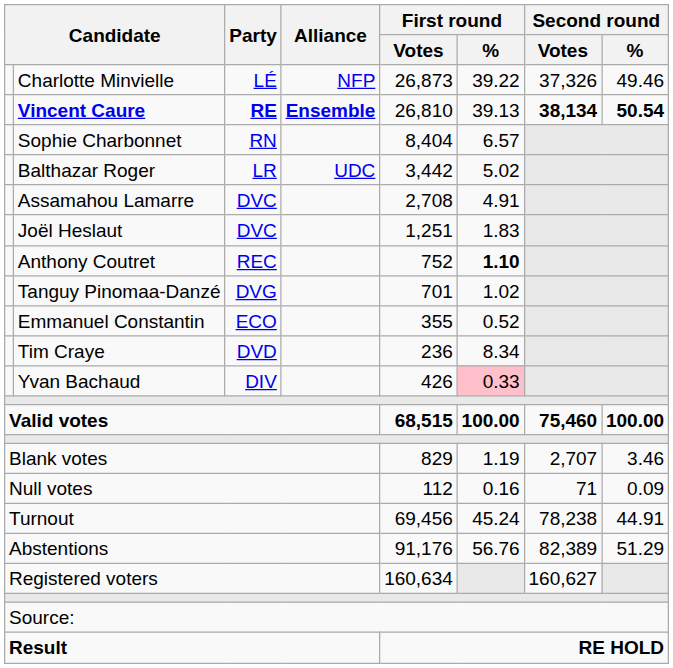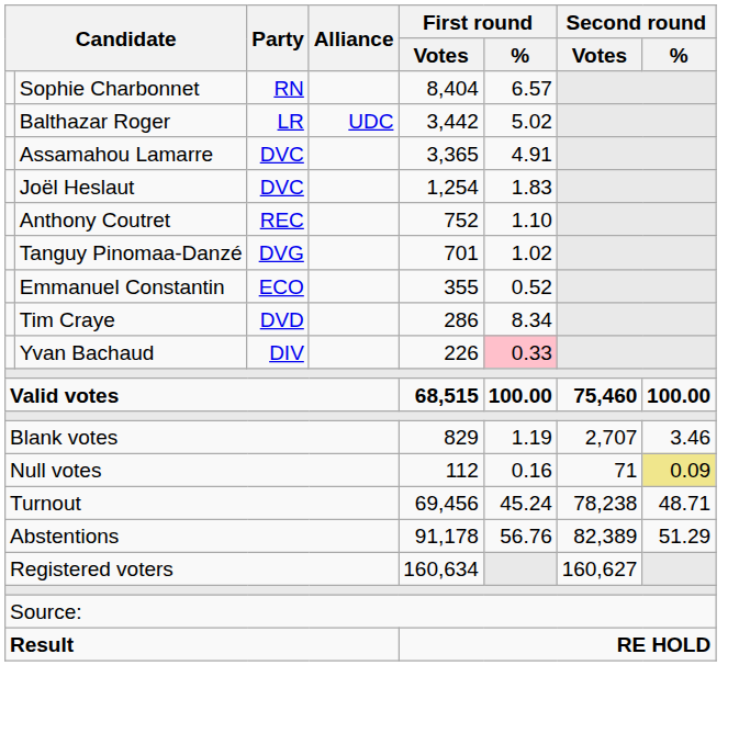 <table class="wikitable" style="text-align:right;font-size:95%;">
 <tr>
 <th colspan="2" rowspan="2">Candidate</th>
 <th colspan="1" rowspan="2">Party</th>
 <th colspan="1" rowspan="2">Alliance</th>
 <th colspan="2">First round</th>
 <th colspan="2">Second round</th>
 </tr>
 <tr>
 <th style="width:50px;">Votes</th>
 <th style="width:45px;">%</th>
 <th style="width:50px;">Votes</th>
 <th style="width:45px;">%</th>
-</tr>
-<tr>
-<td style="color:inherit;background:"></td>
-<td style="text-align:left;">Charlotte Minvielle</td>
-<td><a href='#'>LÉ</a></td>
-<td><a href='#'>NFP</a></td>
-<td>26,873</td>
-<td>39.22</td>
-<td>37,326</td>
-<td>49.46</td>
-</tr>
-<tr>
-<td style="color:inherit;background:"></td>
-<td style="text-align:left;"><strong><a href='#'>Vincent Caure</a></strong></td>
-<td><a href='#'><strong>RE</strong></a></td>
-<td><a href='#'><strong>Ensemble</strong></a></td>
-<td>26,810</td>
-<td>39.13</td>
-<td><strong>38,134</strong></td>
-<td><strong>50.54</strong></td>
 </tr>
 <tr>
 <td style="color:inherit;background:"></td>
 <td style="text-align:left;">Sophie Charbonnet</td>
 <td><a href='#'>RN</a></td>
 <td></td>
 <td>8,404</td>
 <td>6.57</td>
 <td colspan="2" rowspan="1" style="background:#E9E9E9;"></td>
 </tr>
 <tr>
 <td style="color:inherit;background:"></td>
 <td style="text-align:left;">Balthazar Roger</td>
 <td><a href='#'>LR</a></td>
 <td><a href='#'>UDC</a></td>
 <td>3,442</td>
 <td>5.02</td>
 <td colspan="2" rowspan="1" style="background:#E9E9E9;"></td>
 </tr>
 <tr>
 <td style="color:inherit;background:"></td>
 <td style="text-align:left;">Assamahou Lamarre</td>
 <td><a href='#'>DVC</a></td>
 <td></td>
-<td>2,708</td>
+<td>3,365</td>
 <td>4.91</td>
 <td colspan="2" rowspan="1" style="background:#E9E9E9;"></td>
 </tr>
 <tr>
 <td style="color:inherit;background:"></td>
 <td style="text-align:left;">Joël Heslaut</td>
 <td><a href='#'>DVC</a></td>
 <td></td>
-<td>1,251</td>
+<td>1,254</td>
 <td>1.83</td>
 <td colspan="2" rowspan="1" style="background:#E9E9E9;"></td>
 </tr>
 <tr>
 <td style="color:inherit;background:"></td>
 <td style="text-align:left;">Anthony Coutret</td>
 <td><a href='#'>REC</a></td>
 <td></td>
 <td>752</td>
-<td><strong>1.10</strong></td>
+<td>1.10</td>
 <td colspan="2" rowspan="1" style="background:#E9E9E9;"></td>
 </tr>
 <tr>
 <td style="color:inherit;background:"></td>
 <td style="text-align:left;">Tanguy Pinomaa-Danzé</td>
 <td><a href='#'>DVG</a></td>
 <td></td>
 <td>701</td>
 <td>1.02</td>
 <td colspan="2" rowspan="1" style="background:#E9E9E9;"></td>
 </tr>
 <tr>
 <td style="color:inherit;background:"></td>
 <td style="text-align:left;">Emmanuel Constantin</td>
 <td><a href='#'>ECO</a></td>
 <td></td>
 <td>355</td>
 <td>0.52</td>
 <td colspan="2" rowspan="1" style="background:#E9E9E9;"></td>
 </tr>
 <tr>
 <td style="color:inherit;background:"></td>
 <td style="text-align:left;">Tim Craye</td>
 <td><a href='#'>DVD</a></td>
 <td></td>
-<td>236</td>
+<td>286</td>
 <td>8.34</td>
 <td colspan="2" rowspan="1" style="background:#E9E9E9;"></td>
 </tr>
 <tr>
 <td style="color:inherit;background:"></td>
 <td style="text-align:left;">Yvan Bachaud</td>
 <td><a href='#'>DIV</a></td>
 <td></td>
-<td>426</td>
+<td>226</td>
 <td style="background: pink;">0.33</td>
 <td colspan="2" rowspan="1" style="background:#E9E9E9;"></td>
 </tr>
 <tr>
 <td colspan="8" style="background:#E9E9E9;"></td>
 </tr>
 <tr style="font-weight:bold;">
 <td colspan="4" style="text-align:left;">Valid votes</td>
 <td>68,515</td>
 <td>100.00</td>
 <td>75,460</td>
 <td>100.00</td>
 </tr>
 <tr>
 <td colspan="8" style="background:#E9E9E9;"></td>
 </tr>
 <tr>
 <td colspan="4" style="text-align:left;">Blank votes</td>
 <td>829</td>
 <td>1.19</td>
 <td>2,707</td>
 <td>3.46</td>
 </tr>
 <tr>
 <td colspan="4" style="text-align:left;">Null votes</td>
 <td>112</td>
 <td>0.16</td>
 <td>71</td>
-<td>0.09</td>
+<td style="background: khaki;">0.09</td>
 </tr>
 <tr>
 <td colspan="4" style="text-align:left;">Turnout</td>
 <td>69,456</td>
 <td>45.24</td>
 <td>78,238</td>
-<td>44.91</td>
+<td>48.71</td>
 </tr>
 <tr>
 <td colspan="4" style="text-align:left;">Abstentions</td>
-<td>91,176</td>
+<td>91,178</td>
 <td>56.76</td>
 <td>82,389</td>
 <td>51.29</td>
 </tr>
 <tr>
 <td colspan="4" style="text-align:left;">Registered voters</td>
 <td>160,634</td>
 <td style="background:#E9E9E9;"></td>
 <td>160,627</td>
 <td style="background:#E9E9E9;"></td>
 </tr>
 <tr>
 <td colspan="8" style="background:#E9E9E9;"></td>
 </tr>
 <tr>
 <td colspan="8" style="text-align:left;">Source: </td>
 </tr>
 <tr style="font-weight:bold">
 <td colspan="4" style="text-align:left;">Result</td>
 <td colspan="4" style="background-color:">RE HOLD</td>
 </tr>
 </table>
